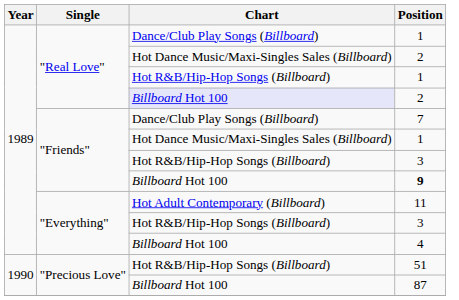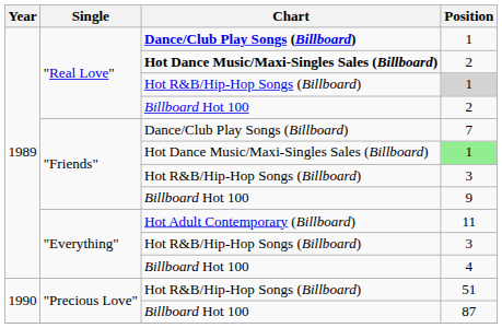 <table class="wikitable">
 <tr>
 <th align="left">Year</th>
 <th align="left">Single</th>
 <th align="left">Chart</th>
 <th align="left">Position</th>
 </tr>
 <tr>
 <td rowspan="11">1989</td>
 <td rowspan="4">"<a href='#'>Real Love</a>"</td>
-<td align="left"><a href='#'>Dance/Club Play Songs</a> (<em><a href='#'>Billboard</a></em>)</td>
+<td align="left"><strong><a href='#'>Dance/Club Play Songs</a> (<em><a href='#'>Billboard</a></em>)</strong></td>
 <td align="center">1</td>
 </tr>
 <tr>
-<td align="left">Hot Dance Music/Maxi-Singles Sales (<em>Billboard</em>)</td>
+<td align="left"><strong>Hot Dance Music/Maxi-Singles Sales (<em>Billboard</em>)</strong></td>
 <td align="center">2</td>
 </tr>
 <tr>
 <td align="left"><a href='#'>Hot R&B/Hip-Hop Songs</a> (<em>Billboard</em>)</td>
-<td align="center">1</td>
+<td align="center" style="background: lightgrey;">1</td>
 </tr>
 <tr>
-<td align="left" style="background: lavender;"><a href='#'><em>Billboard</em> Hot 100</a></td>
+<td align="left"><a href='#'><em>Billboard</em> Hot 100</a></td>
 <td align="center">2</td>
 </tr>
 <tr>
 <td rowspan="4">"Friends"</td>
 <td align="left">Dance/Club Play Songs (<em>Billboard</em>)</td>
 <td align="center">7</td>
 </tr>
 <tr>
 <td align="left">Hot Dance Music/Maxi-Singles Sales (<em>Billboard</em>)</td>
-<td align="center">1</td>
+<td align="center" style="background: lightgreen;">1</td>
 </tr>
 <tr>
 <td align="left">Hot R&B/Hip-Hop Songs (<em>Billboard</em>)</td>
 <td align="center">3</td>
 </tr>
 <tr>
 <td align="left"><em>Billboard</em> Hot 100</td>
-<td align="center"><strong>9</strong></td>
+<td align="center">9</td>
 </tr>
 <tr>
 <td rowspan="3">"Everything"</td>
 <td align="left"><a href='#'>Hot Adult Contemporary</a> (<em>Billboard</em>)</td>
 <td align="center">11</td>
 </tr>
 <tr>
 <td align="left">Hot R&B/Hip-Hop Songs (<em>Billboard</em>)</td>
 <td align="center">3</td>
 </tr>
 <tr>
 <td align="left"><em>Billboard</em> Hot 100</td>
 <td align="center">4</td>
 </tr>
 <tr>
 <td rowspan="2">1990</td>
 <td rowspan="2">"Precious Love"</td>
 <td align="left">Hot R&B/Hip-Hop Songs (<em>Billboard</em>)</td>
 <td align="center">51</td>
 </tr>
 <tr>
 <td align="left"><em>Billboard</em> Hot 100</td>
 <td align="center">87</td>
 </tr>
 <tr>
 </tr>
 </table>
